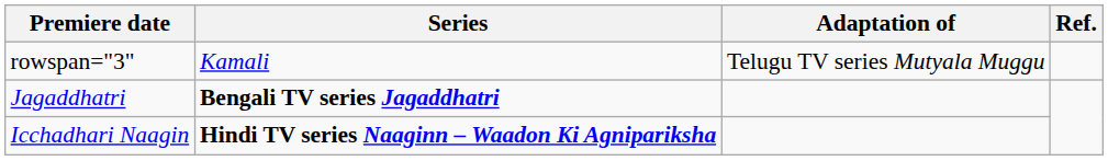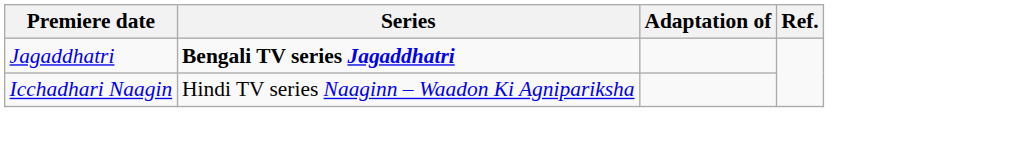 <table class="wikitable sortable">
 <tr>
 <th>Premiere date</th>
 <th>Series</th>
 <th>Adaptation of</th>
 <th>Ref.</th>
 </tr>
 <tr>
-<td>rowspan="3" </td>
-<td><em><a href='#'>Kamali</a></em></td>
-<td>Telugu TV series <em>Mutyala Muggu</em></td>
-<td></td>
-</tr>
-<tr>
 <td><em><a href='#'>Jagaddhatri</a></em></td>
 <td><strong>Bengali TV series <em><a href='#'>Jagaddhatri</a></em></strong></td>
 <td></td>
 </tr>
 <tr>
 <td><em><a href='#'>Icchadhari Naagin</a></em></td>
-<td><strong>Hindi TV series <em><a href='#'>Naaginn – Waadon Ki Agnipariksha</a></em></strong></td>
+<td>Hindi TV series <em><a href='#'>Naaginn – Waadon Ki Agnipariksha</a></em></td>
 <td></td>
 </tr>
 </table>
